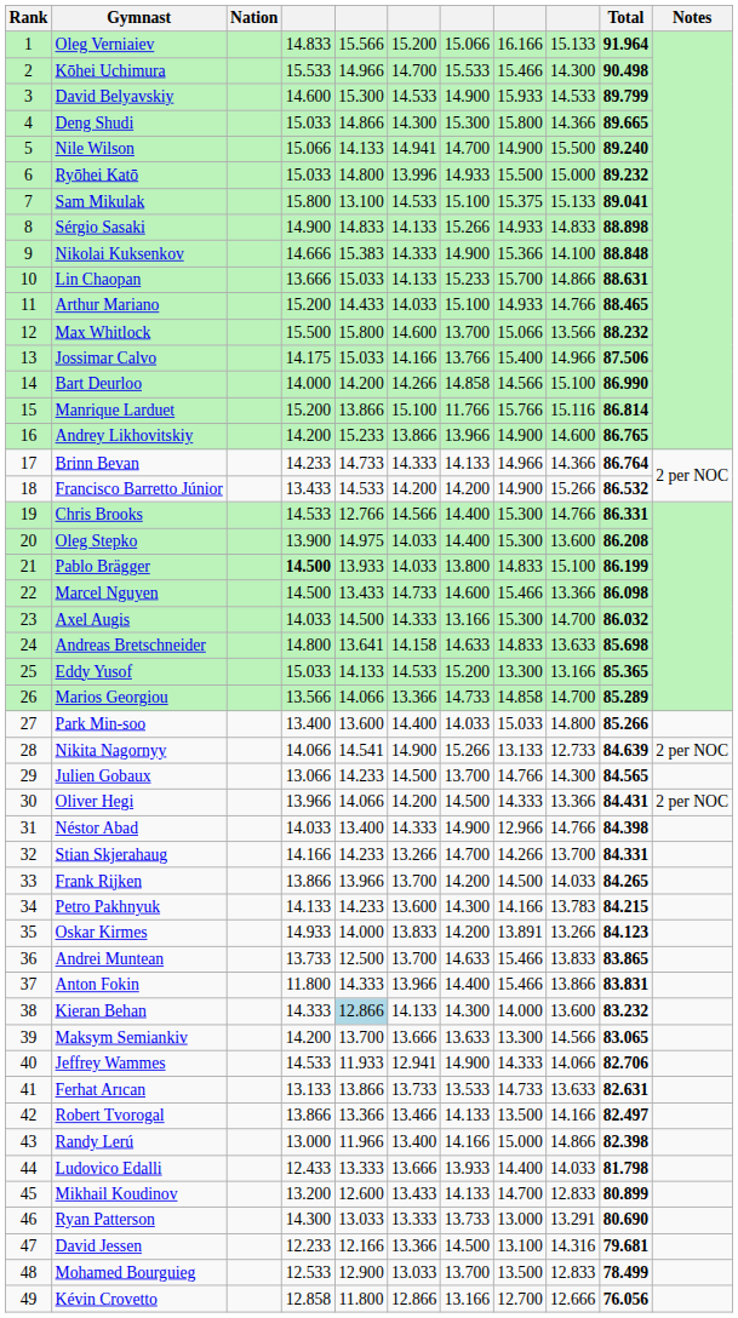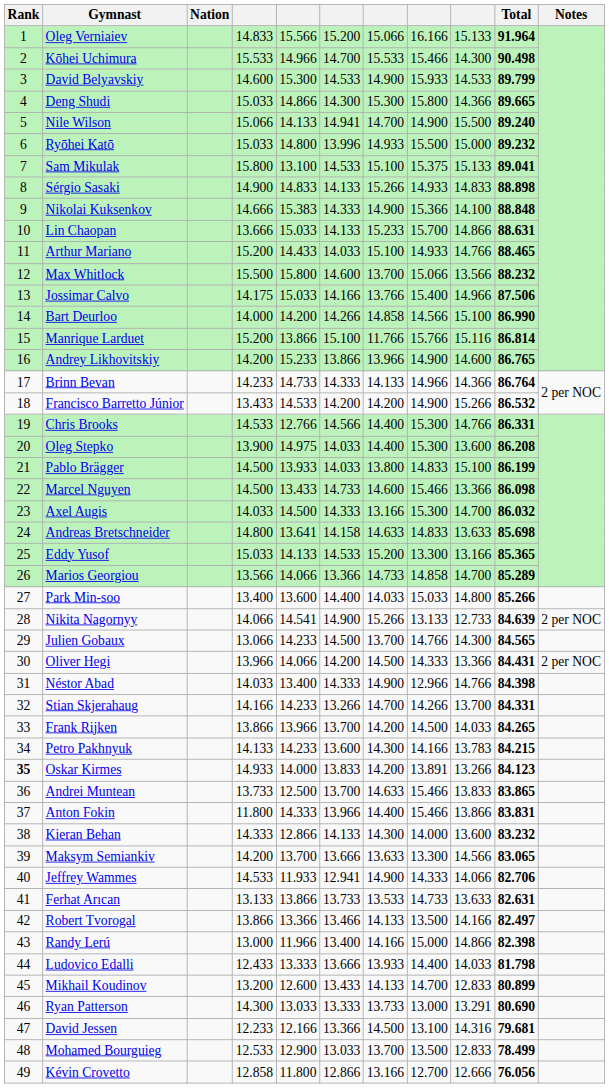 <table class="wikitable sortable" style="text-align:center">
 <tr>
 <th>Rank</th>
 <th>Gymnast</th>
 <th>Nation</th>
 <th></th>
 <th></th>
 <th></th>
 <th></th>
 <th></th>
 <th></th>
 <th>Total</th>
 <th>Notes</th>
 </tr>
 <tr bgcolor=bbf3bb>
 <td>1</td>
 <td align=left><a href='#'>Oleg Verniaiev</a></td>
 <td align=left></td>
 <td>14.833</td>
 <td>15.566</td>
 <td>15.200</td>
 <td>15.066</td>
 <td>16.166</td>
 <td>15.133</td>
 <td><strong>91.964</strong></td>
 <td rowspan="16"></td>
 </tr>
 <tr bgcolor=bbf3bb>
 <td>2</td>
 <td align=left><a href='#'>Kōhei Uchimura</a></td>
 <td align=left></td>
 <td>15.533</td>
 <td>14.966</td>
 <td>14.700</td>
 <td>15.533</td>
 <td>15.466</td>
 <td>14.300</td>
 <td><strong>90.498</strong></td>
 </tr>
 <tr bgcolor=bbf3bb>
 <td>3</td>
 <td align=left><a href='#'>David Belyavskiy</a></td>
 <td align=left></td>
 <td>14.600</td>
 <td>15.300</td>
 <td>14.533</td>
 <td>14.900</td>
 <td>15.933</td>
 <td>14.533</td>
 <td><strong>89.799</strong></td>
 </tr>
 <tr bgcolor=bbf3bb>
 <td>4</td>
 <td align=left><a href='#'>Deng Shudi</a></td>
 <td align=left></td>
 <td>15.033</td>
 <td>14.866</td>
 <td>14.300</td>
 <td>15.300</td>
 <td>15.800</td>
 <td>14.366</td>
 <td><strong>89.665</strong></td>
 </tr>
 <tr bgcolor=bbf3bb>
 <td>5</td>
 <td align=left><a href='#'>Nile Wilson</a></td>
 <td align=left></td>
 <td>15.066</td>
 <td>14.133</td>
 <td>14.941</td>
 <td>14.700</td>
 <td>14.900</td>
 <td>15.500</td>
 <td><strong>89.240</strong></td>
 </tr>
 <tr bgcolor=bbf3bb>
 <td>6</td>
 <td align=left><a href='#'>Ryōhei Katō</a></td>
 <td align=left></td>
 <td>15.033</td>
 <td>14.800</td>
 <td>13.996</td>
 <td>14.933</td>
 <td>15.500</td>
 <td>15.000</td>
 <td><strong>89.232</strong></td>
 </tr>
 <tr bgcolor=bbf3bb>
 <td>7</td>
 <td align=left><a href='#'>Sam Mikulak</a></td>
 <td align=left></td>
 <td>15.800</td>
 <td>13.100</td>
 <td>14.533</td>
 <td>15.100</td>
 <td>15.375</td>
 <td>15.133</td>
 <td><strong>89.041</strong></td>
 </tr>
 <tr bgcolor=bbf3bb>
 <td>8</td>
 <td align=left><a href='#'>Sérgio Sasaki</a></td>
 <td align=left></td>
 <td>14.900</td>
 <td>14.833</td>
 <td>14.133</td>
 <td>15.266</td>
 <td>14.933</td>
 <td>14.833</td>
 <td><strong>88.898</strong></td>
 </tr>
 <tr bgcolor=bbf3bb>
 <td>9</td>
 <td align=left><a href='#'>Nikolai Kuksenkov</a></td>
 <td align=left></td>
 <td>14.666</td>
 <td>15.383</td>
 <td>14.333</td>
 <td>14.900</td>
 <td>15.366</td>
 <td>14.100</td>
 <td><strong>88.848</strong></td>
 </tr>
 <tr bgcolor=bbf3bb>
 <td>10</td>
 <td align=left><a href='#'>Lin Chaopan</a></td>
 <td align=left></td>
 <td>13.666</td>
 <td>15.033</td>
 <td>14.133</td>
 <td>15.233</td>
 <td>15.700</td>
 <td>14.866</td>
 <td><strong>88.631</strong></td>
 </tr>
 <tr bgcolor=bbf3bb>
 <td>11</td>
 <td align=left><a href='#'>Arthur Mariano</a></td>
 <td align=left></td>
 <td>15.200</td>
 <td>14.433</td>
 <td>14.033</td>
 <td>15.100</td>
 <td>14.933</td>
 <td>14.766</td>
 <td><strong>88.465</strong></td>
 </tr>
 <tr bgcolor=bbf3bb>
 <td>12</td>
 <td align=left><a href='#'>Max Whitlock</a></td>
 <td align=left></td>
 <td>15.500</td>
 <td>15.800</td>
 <td>14.600</td>
 <td>13.700</td>
 <td>15.066</td>
 <td>13.566</td>
 <td><strong>88.232</strong></td>
 </tr>
 <tr bgcolor=bbf3bb>
 <td>13</td>
 <td align=left><a href='#'>Jossimar Calvo</a></td>
 <td align=left></td>
 <td>14.175</td>
 <td>15.033</td>
 <td>14.166</td>
 <td>13.766</td>
 <td>15.400</td>
 <td>14.966</td>
 <td><strong>87.506</strong></td>
 </tr>
 <tr bgcolor=bbf3bb>
 <td>14</td>
 <td align=left><a href='#'>Bart Deurloo</a></td>
 <td align=left></td>
 <td>14.000</td>
 <td>14.200</td>
 <td>14.266</td>
 <td>14.858</td>
 <td>14.566</td>
 <td>15.100</td>
 <td><strong>86.990</strong></td>
 </tr>
 <tr bgcolor=bbf3bb>
 <td>15</td>
 <td align=left><a href='#'>Manrique Larduet</a></td>
 <td align=left></td>
 <td>15.200</td>
 <td>13.866</td>
 <td>15.100</td>
 <td>11.766</td>
 <td>15.766</td>
 <td>15.116</td>
 <td><strong>86.814</strong></td>
 </tr>
 <tr bgcolor=bbf3bb>
 <td>16</td>
 <td align=left><a href='#'>Andrey Likhovitskiy</a></td>
 <td align=left></td>
 <td>14.200</td>
 <td>15.233</td>
 <td>13.866</td>
 <td>13.966</td>
 <td>14.900</td>
 <td>14.600</td>
 <td><strong>86.765</strong></td>
 </tr>
 <tr>
 <td>17</td>
 <td align=left><a href='#'>Brinn Bevan</a></td>
 <td align=left></td>
 <td>14.233</td>
 <td>14.733</td>
 <td>14.333</td>
 <td>14.133</td>
 <td>14.966</td>
 <td>14.366</td>
 <td><strong>86.764</strong></td>
 <td rowspan="2">2 per NOC</td>
 </tr>
 <tr>
 <td>18</td>
 <td align=left><a href='#'>Francisco Barretto Júnior</a></td>
 <td align=left></td>
 <td>13.433</td>
 <td>14.533</td>
 <td>14.200</td>
 <td>14.200</td>
 <td>14.900</td>
 <td>15.266</td>
 <td><strong>86.532</strong></td>
 </tr>
 <tr bgcolor=bbf3bb>
 <td>19</td>
 <td align=left><a href='#'>Chris Brooks</a></td>
 <td align=left></td>
 <td>14.533</td>
 <td>12.766</td>
 <td>14.566</td>
 <td>14.400</td>
 <td>15.300</td>
 <td>14.766</td>
 <td><strong>86.331</strong></td>
 <td rowspan="8"></td>
 </tr>
 <tr bgcolor=bbf3bb>
 <td>20</td>
 <td align=left><a href='#'>Oleg Stepko</a></td>
 <td align=left></td>
 <td>13.900</td>
 <td>14.975</td>
 <td>14.033</td>
 <td>14.400</td>
 <td>15.300</td>
 <td>13.600</td>
 <td><strong>86.208</strong></td>
 </tr>
 <tr bgcolor=bbf3bb>
 <td>21</td>
 <td align=left><a href='#'>Pablo Brägger</a></td>
 <td align=left></td>
-<td><strong>14.500</strong></td>
+<td>14.500</td>
 <td>13.933</td>
 <td>14.033</td>
 <td>13.800</td>
 <td>14.833</td>
 <td>15.100</td>
 <td><strong>86.199</strong></td>
 </tr>
 <tr bgcolor=bbf3bb>
 <td>22</td>
 <td align=left><a href='#'>Marcel Nguyen</a></td>
 <td align=left></td>
 <td>14.500</td>
 <td>13.433</td>
 <td>14.733</td>
 <td>14.600</td>
 <td>15.466</td>
 <td>13.366</td>
 <td><strong>86.098</strong></td>
 </tr>
 <tr bgcolor=bbf3bb>
 <td>23</td>
 <td align=left><a href='#'>Axel Augis</a></td>
 <td align=left></td>
 <td>14.033</td>
 <td>14.500</td>
 <td>14.333</td>
 <td>13.166</td>
 <td>15.300</td>
 <td>14.700</td>
 <td><strong>86.032</strong></td>
 </tr>
 <tr bgcolor=bbf3bb>
 <td>24</td>
 <td align=left><a href='#'>Andreas Bretschneider</a></td>
 <td align=left></td>
 <td>14.800</td>
 <td>13.641</td>
 <td>14.158</td>
 <td>14.633</td>
 <td>14.833</td>
 <td>13.633</td>
 <td><strong>85.698</strong></td>
 </tr>
 <tr bgcolor=bbf3bb>
 <td>25</td>
 <td align=left><a href='#'>Eddy Yusof</a></td>
 <td align=left></td>
 <td>15.033</td>
 <td>14.133</td>
 <td>14.533</td>
 <td>15.200</td>
 <td>13.300</td>
 <td>13.166</td>
 <td><strong>85.365</strong></td>
 </tr>
 <tr bgcolor=bbf3bb>
 <td>26</td>
 <td align=left><a href='#'>Marios Georgiou</a></td>
 <td align=left></td>
 <td>13.566</td>
 <td>14.066</td>
 <td>13.366</td>
 <td>14.733</td>
 <td>14.858</td>
 <td>14.700</td>
 <td><strong>85.289</strong></td>
 </tr>
 <tr>
 <td>27</td>
 <td align=left><a href='#'>Park Min-soo</a></td>
 <td align=left></td>
 <td>13.400</td>
 <td>13.600</td>
 <td>14.400</td>
 <td>14.033</td>
 <td>15.033</td>
 <td>14.800</td>
 <td><strong>85.266</strong></td>
 <td></td>
 </tr>
 <tr>
 <td>28</td>
 <td align=left><a href='#'>Nikita Nagornyy</a></td>
 <td align=left></td>
 <td>14.066</td>
 <td>14.541</td>
 <td>14.900</td>
 <td>15.266</td>
 <td>13.133</td>
 <td>12.733</td>
 <td><strong>84.639</strong></td>
 <td>2 per NOC</td>
 </tr>
 <tr>
 <td>29</td>
 <td align=left><a href='#'>Julien Gobaux</a></td>
 <td align=left></td>
 <td>13.066</td>
 <td>14.233</td>
 <td>14.500</td>
 <td>13.700</td>
 <td>14.766</td>
 <td>14.300</td>
 <td><strong>84.565</strong></td>
 <td></td>
 </tr>
 <tr>
 <td>30</td>
 <td align=left><a href='#'>Oliver Hegi</a></td>
 <td align=left></td>
 <td>13.966</td>
 <td>14.066</td>
 <td>14.200</td>
 <td>14.500</td>
 <td>14.333</td>
 <td>13.366</td>
 <td><strong>84.431</strong></td>
 <td>2 per NOC</td>
 </tr>
 <tr>
 <td>31</td>
 <td align=left><a href='#'>Néstor Abad</a></td>
 <td align=left></td>
 <td>14.033</td>
 <td>13.400</td>
 <td>14.333</td>
 <td>14.900</td>
 <td>12.966</td>
 <td>14.766</td>
 <td><strong>84.398</strong></td>
 <td></td>
 </tr>
 <tr>
 <td>32</td>
 <td align=left><a href='#'>Stian Skjerahaug</a></td>
 <td align=left></td>
 <td>14.166</td>
 <td>14.233</td>
 <td>13.266</td>
 <td>14.700</td>
 <td>14.266</td>
 <td>13.700</td>
 <td><strong>84.331</strong></td>
 <td></td>
 </tr>
 <tr>
 <td>33</td>
 <td align=left><a href='#'>Frank Rijken</a></td>
 <td align=left></td>
 <td>13.866</td>
 <td>13.966</td>
 <td>13.700</td>
 <td>14.200</td>
 <td>14.500</td>
 <td>14.033</td>
 <td><strong>84.265</strong></td>
 <td></td>
 </tr>
 <tr>
 <td>34</td>
 <td align=left><a href='#'>Petro Pakhnyuk</a></td>
 <td align=left></td>
 <td>14.133</td>
 <td>14.233</td>
 <td>13.600</td>
 <td>14.300</td>
 <td>14.166</td>
 <td>13.783</td>
 <td><strong>84.215</strong></td>
 <td></td>
 </tr>
 <tr>
-<td>35</td>
+<td><strong>35</strong></td>
 <td align=left><a href='#'>Oskar Kirmes</a></td>
 <td align=left></td>
 <td>14.933</td>
 <td>14.000</td>
 <td>13.833</td>
 <td>14.200</td>
 <td>13.891</td>
 <td>13.266</td>
 <td><strong>84.123</strong></td>
 <td></td>
 </tr>
 <tr>
 <td>36</td>
 <td align=left><a href='#'>Andrei Muntean</a></td>
 <td align=left></td>
 <td>13.733</td>
 <td>12.500</td>
 <td>13.700</td>
 <td>14.633</td>
 <td>15.466</td>
 <td>13.833</td>
 <td><strong>83.865</strong></td>
 <td></td>
 </tr>
 <tr>
 <td>37</td>
 <td align=left><a href='#'>Anton Fokin</a></td>
 <td align=left></td>
 <td>11.800</td>
 <td>14.333</td>
 <td>13.966</td>
 <td>14.400</td>
 <td>15.466</td>
 <td>13.866</td>
 <td><strong>83.831</strong></td>
 <td></td>
 </tr>
 <tr>
 <td>38</td>
 <td align=left><a href='#'>Kieran Behan</a></td>
 <td align=left></td>
 <td>14.333</td>
-<td style="background: lightblue;">12.866</td>
+<td>12.866</td>
 <td>14.133</td>
 <td>14.300</td>
 <td>14.000</td>
 <td>13.600</td>
 <td><strong>83.232</strong></td>
 <td></td>
 </tr>
 <tr>
 <td>39</td>
 <td align=left><a href='#'>Maksym Semiankiv</a></td>
 <td align=left></td>
 <td>14.200</td>
 <td>13.700</td>
 <td>13.666</td>
 <td>13.633</td>
 <td>13.300</td>
 <td>14.566</td>
 <td><strong>83.065</strong></td>
 <td></td>
 </tr>
 <tr>
 <td>40</td>
 <td align=left><a href='#'>Jeffrey Wammes</a></td>
 <td align=left></td>
 <td>14.533</td>
 <td>11.933</td>
 <td>12.941</td>
 <td>14.900</td>
 <td>14.333</td>
 <td>14.066</td>
 <td><strong>82.706</strong></td>
 <td></td>
 </tr>
 <tr>
 <td>41</td>
 <td align=left><a href='#'>Ferhat Arıcan</a></td>
 <td align=left></td>
 <td>13.133</td>
 <td>13.866</td>
 <td>13.733</td>
 <td>13.533</td>
 <td>14.733</td>
 <td>13.633</td>
 <td><strong>82.631</strong></td>
 <td></td>
 </tr>
 <tr>
 <td>42</td>
 <td align=left><a href='#'>Robert Tvorogal</a></td>
 <td align=left></td>
 <td>13.866</td>
 <td>13.366</td>
 <td>13.466</td>
 <td>14.133</td>
 <td>13.500</td>
 <td>14.166</td>
 <td><strong>82.497</strong></td>
 <td></td>
 </tr>
 <tr>
 <td>43</td>
 <td align=left><a href='#'>Randy Lerú</a></td>
 <td align=left></td>
 <td>13.000</td>
 <td>11.966</td>
 <td>13.400</td>
 <td>14.166</td>
 <td>15.000</td>
 <td>14.866</td>
 <td><strong>82.398</strong></td>
 <td></td>
 </tr>
 <tr>
 <td>44</td>
 <td align=left><a href='#'>Ludovico Edalli</a></td>
 <td align=left></td>
 <td>12.433</td>
 <td>13.333</td>
 <td>13.666</td>
 <td>13.933</td>
 <td>14.400</td>
 <td>14.033</td>
 <td><strong>81.798</strong></td>
 <td></td>
 </tr>
 <tr>
 <td>45</td>
 <td align=left><a href='#'>Mikhail Koudinov</a></td>
 <td align=left></td>
 <td>13.200</td>
 <td>12.600</td>
 <td>13.433</td>
 <td>14.133</td>
 <td>14.700</td>
 <td>12.833</td>
 <td><strong>80.899</strong></td>
 <td></td>
 </tr>
 <tr>
 <td>46</td>
 <td align=left><a href='#'>Ryan Patterson</a></td>
 <td align=left></td>
 <td>14.300</td>
 <td>13.033</td>
 <td>13.333</td>
 <td>13.733</td>
 <td>13.000</td>
 <td>13.291</td>
 <td><strong>80.690</strong></td>
 <td></td>
 </tr>
 <tr>
 <td>47</td>
 <td align=left><a href='#'>David Jessen</a></td>
 <td align=left></td>
 <td>12.233</td>
 <td>12.166</td>
 <td>13.366</td>
 <td>14.500</td>
 <td>13.100</td>
 <td>14.316</td>
 <td><strong>79.681</strong></td>
 <td></td>
 </tr>
 <tr>
 <td>48</td>
 <td align=left><a href='#'>Mohamed Bourguieg</a></td>
 <td align=left></td>
 <td>12.533</td>
 <td>12.900</td>
 <td>13.033</td>
 <td>13.700</td>
 <td>13.500</td>
 <td>12.833</td>
 <td><strong>78.499</strong></td>
 <td></td>
 </tr>
 <tr>
 <td>49</td>
 <td align=left><a href='#'>Kévin Crovetto</a></td>
 <td align=left></td>
 <td>12.858</td>
 <td>11.800</td>
 <td>12.866</td>
 <td>13.166</td>
 <td>12.700</td>
 <td>12.666</td>
 <td><strong>76.056</strong></td>
 <td></td>
 </tr>
 </table>
